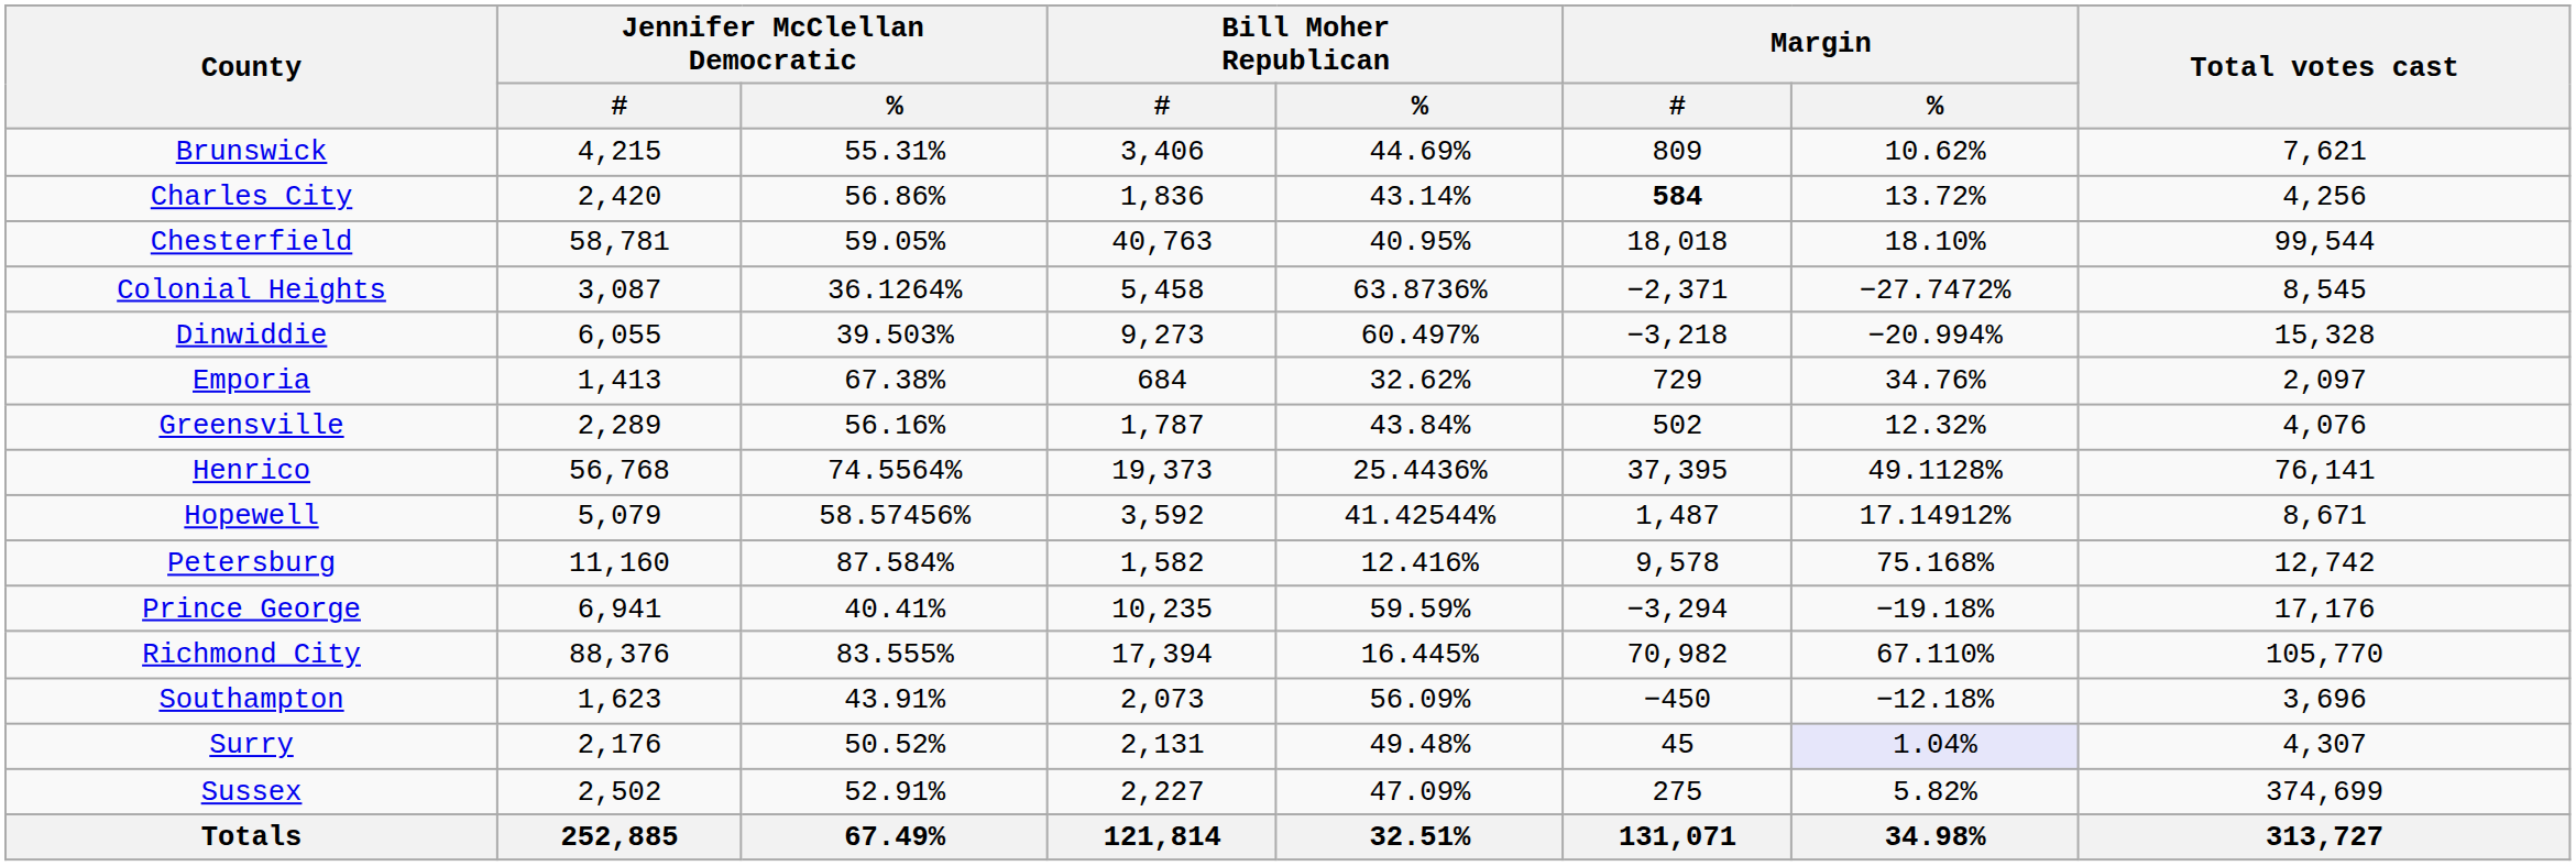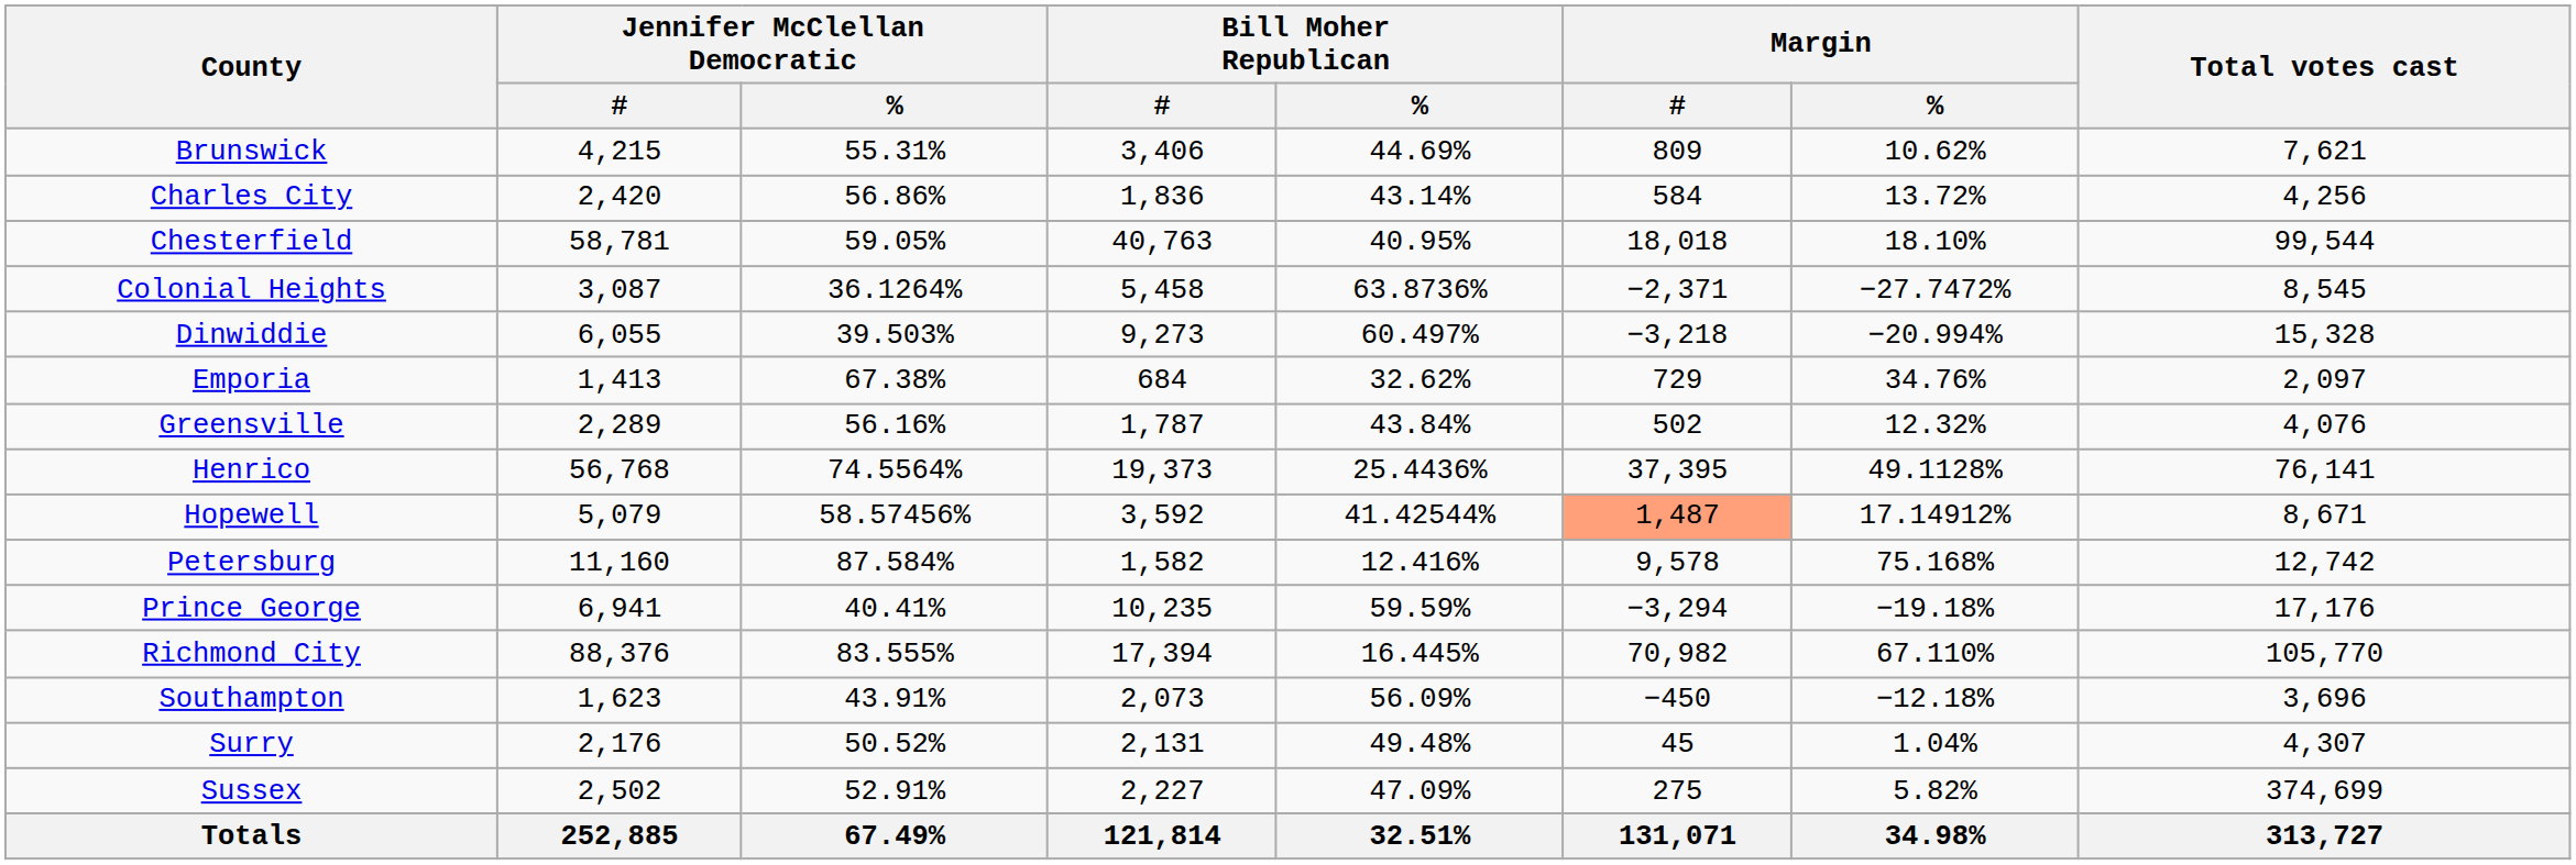 <table width="60%"  class="wikitable sortable" style="text-align:center">
 <tr>
 <th rowspan="2">County</th>
 <th style="text-align:center;" colspan="2">Jennifer McClellan<br>Democratic</th>
 <th style="text-align:center;" colspan="2">Bill Moher<br>Republican</th>
 <th style="text-align:center;" colspan="2">Margin</th>
 <th rowspan="2" style="text-align:center;">Total votes cast</th>
 </tr>
 <tr>
 <th style="text-align:center;" data-sort-type="number">#</th>
 <th style="text-align:center;" data-sort-type="number">%</th>
 <th style="text-align:center;" data-sort-type="number">#</th>
 <th style="text-align:center;" data-sort-type="number">%</th>
 <th style="text-align:center;" data-sort-type="number">#</th>
 <th style="text-align:center;" data-sort-type="number">%</th>
 </tr>
 <tr style="text-align:center;">
 <td><a href='#'>Brunswick</a></td>
 <td>4,215</td>
 <td>55.31%</td>
 <td>3,406</td>
 <td>44.69%</td>
 <td>809</td>
 <td>10.62%</td>
 <td>7,621</td>
 </tr>
 <tr style="text-align:center;">
 <td><a href='#'>Charles City</a></td>
 <td>2,420</td>
 <td>56.86%</td>
 <td>1,836</td>
 <td>43.14%</td>
-<td><strong>584</strong></td>
+<td>584</td>
 <td>13.72%</td>
 <td>4,256</td>
 </tr>
 <tr style="text-align:center;">
 <td><a href='#'>Chesterfield</a></td>
 <td>58,781</td>
 <td>59.05%</td>
 <td>40,763</td>
 <td>40.95%</td>
 <td>18,018</td>
 <td>18.10%</td>
 <td>99,544</td>
 </tr>
 <tr style="text-align:center;">
 <td><a href='#'>Colonial Heights</a></td>
 <td>3,087</td>
 <td>36.1264%</td>
 <td>5,458</td>
 <td>63.8736%</td>
 <td>−2,371</td>
 <td>−27.7472%</td>
 <td>8,545</td>
 </tr>
 <tr style="text-align:center;">
 <td><a href='#'>Dinwiddie</a></td>
 <td>6,055</td>
 <td>39.503%</td>
 <td>9,273</td>
 <td>60.497%</td>
 <td>−3,218</td>
 <td>−20.994%</td>
 <td>15,328</td>
 </tr>
 <tr style="text-align:center;">
 <td><a href='#'>Emporia</a></td>
 <td>1,413</td>
 <td>67.38%</td>
 <td>684</td>
 <td>32.62%</td>
 <td>729</td>
 <td>34.76%</td>
 <td>2,097</td>
 </tr>
 <tr style="text-align:center;">
 <td><a href='#'>Greensville</a></td>
 <td>2,289</td>
 <td>56.16%</td>
 <td>1,787</td>
 <td>43.84%</td>
 <td>502</td>
 <td>12.32%</td>
 <td>4,076</td>
 </tr>
 <tr style="text-align:center;">
 <td><a href='#'>Henrico</a></td>
 <td>56,768</td>
 <td>74.5564%</td>
 <td>19,373</td>
 <td>25.4436%</td>
 <td>37,395</td>
 <td>49.1128%</td>
 <td>76,141</td>
 </tr>
 <tr style="text-align:center;">
 <td><a href='#'>Hopewell</a></td>
 <td>5,079</td>
 <td>58.57456%</td>
 <td>3,592</td>
 <td>41.42544%</td>
-<td>1,487</td>
+<td style="background: lightsalmon;">1,487</td>
 <td>17.14912%</td>
 <td>8,671</td>
 </tr>
 <tr style="text-align:center;">
 <td><a href='#'>Petersburg</a></td>
 <td>11,160</td>
 <td>87.584%</td>
 <td>1,582</td>
 <td>12.416%</td>
 <td>9,578</td>
 <td>75.168%</td>
 <td>12,742</td>
 </tr>
 <tr style="text-align:center;">
 <td><a href='#'>Prince George</a></td>
 <td>6,941</td>
 <td>40.41%</td>
 <td>10,235</td>
 <td>59.59%</td>
 <td>−3,294</td>
 <td>−19.18%</td>
 <td>17,176</td>
 </tr>
 <tr style="text-align:center;">
 <td><a href='#'>Richmond City</a></td>
 <td>88,376</td>
 <td>83.555%</td>
 <td>17,394</td>
 <td>16.445%</td>
 <td>70,982</td>
 <td>67.110%</td>
 <td>105,770</td>
 </tr>
 <tr style="text-align:center;">
 <td><a href='#'>Southampton</a></td>
 <td>1,623</td>
 <td>43.91%</td>
 <td>2,073</td>
 <td>56.09%</td>
 <td>−450</td>
 <td>−12.18%</td>
 <td>3,696</td>
 </tr>
 <tr style="text-align:center;">
 <td><a href='#'>Surry</a></td>
 <td>2,176</td>
 <td>50.52%</td>
 <td>2,131</td>
 <td>49.48%</td>
 <td>45</td>
-<td style="background: lavender;">1.04%</td>
+<td>1.04%</td>
 <td>4,307</td>
 </tr>
 <tr style="text-align:center;">
 <td><a href='#'>Sussex</a></td>
 <td>2,502</td>
 <td>52.91%</td>
 <td>2,227</td>
 <td>47.09%</td>
 <td>275</td>
 <td>5.82%</td>
 <td>374,699</td>
 </tr>
 <tr style="text-align:center;">
 <th>Totals</th>
 <th>252,885</th>
 <th>67.49%</th>
 <th>121,814</th>
 <th>32.51%</th>
 <th>131,071</th>
 <th>34.98%</th>
 <th>313,727</th>
 </tr>
 </table>
